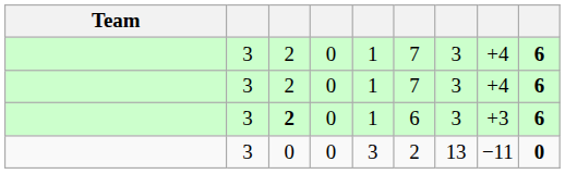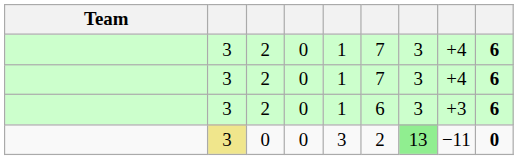 <table class="wikitable" style="text-align:center">
 <tr>
 <th width="165">Team</th>
 <th width=25></th>
 <th width=25></th>
 <th width=25></th>
 <th width=25></th>
 <th width=25></th>
 <th width=25></th>
 <th width=25></th>
 <th width=25></th>
 </tr>
 <tr bgcolor=#ccffcc>
 <td align="left"></td>
 <td>3</td>
 <td>2</td>
 <td>0</td>
 <td>1</td>
 <td>7</td>
 <td>3</td>
 <td>+4</td>
 <td><strong>6</strong></td>
 </tr>
 <tr bgcolor=#ccffcc>
 <td align="left"></td>
 <td>3</td>
 <td>2</td>
 <td>0</td>
 <td>1</td>
 <td>7</td>
 <td>3</td>
 <td>+4</td>
 <td><strong>6</strong></td>
 </tr>
 <tr bgcolor=#ccffcc>
 <td align="left"></td>
 <td>3</td>
-<td><strong>2</strong></td>
+<td>2</td>
 <td>0</td>
 <td>1</td>
 <td>6</td>
 <td>3</td>
 <td>+3</td>
 <td><strong>6</strong></td>
 </tr>
 <tr>
 <td align="left"></td>
-<td>3</td>
+<td style="background: khaki;">3</td>
 <td>0</td>
 <td>0</td>
 <td>3</td>
 <td>2</td>
-<td>13</td>
+<td style="background: lightgreen;">13</td>
 <td>−11</td>
 <td><strong>0</strong></td>
 </tr>
 </table>
